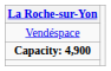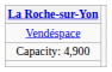 <table class="wikitable">
 <tr>
 <th><a href='#'>La Roche-sur-Yon</a></th>
 <td rowspan=4></td>
 </tr>
 <tr>
 <td align=center><a href='#'>Vendéspace</a></td>
 </tr>
 <tr>
-<td align=center><strong>Capacity: 4,900</strong></td>
+<td align=center>Capacity: 4,900</td>
 </tr>
 <tr>
 <td></td>
 </tr>
 </table>
